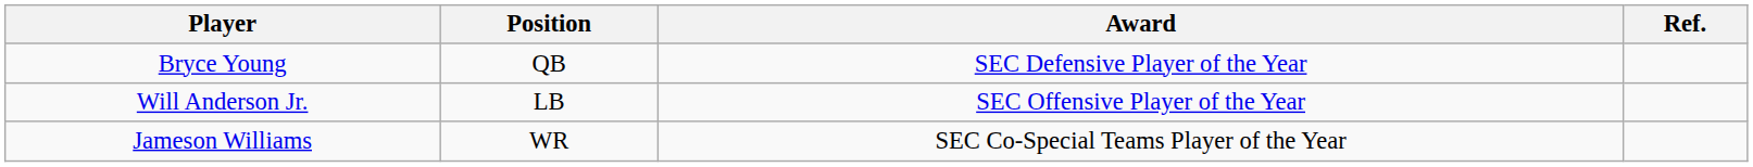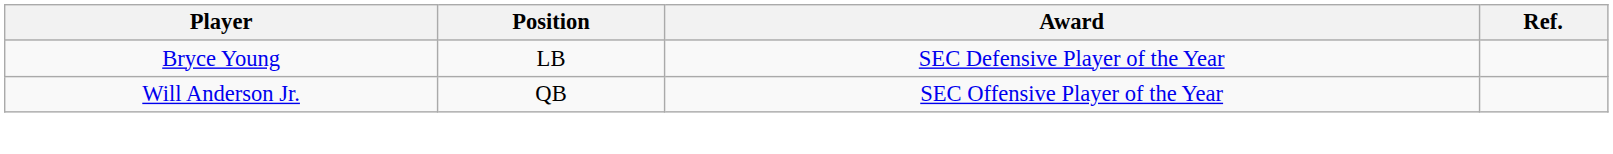 <table class="wikitable" style="width: 90%;text-align: center;">
 <tr>
 <th>Player</th>
 <th>Position</th>
 <th>Award</th>
 <th>Ref.</th>
 </tr>
 <tr align="center">
 <td><a href='#'>Bryce Young</a></td>
-<td>QB</td>
+<td>LB</td>
 <td><a href='#'>SEC Defensive Player of the Year</a></td>
 <td></td>
 </tr>
 <tr>
 <td><a href='#'>Will Anderson Jr.</a></td>
-<td>LB</td>
+<td>QB</td>
 <td><a href='#'>SEC Offensive Player of the Year</a></td>
 <td></td>
 </tr>
-<tr>
-<td><a href='#'>Jameson Williams</a></td>
-<td>WR</td>
-<td>SEC Co-Special Teams Player of the Year</td>
-<td></td>
-</tr>
 </table>
